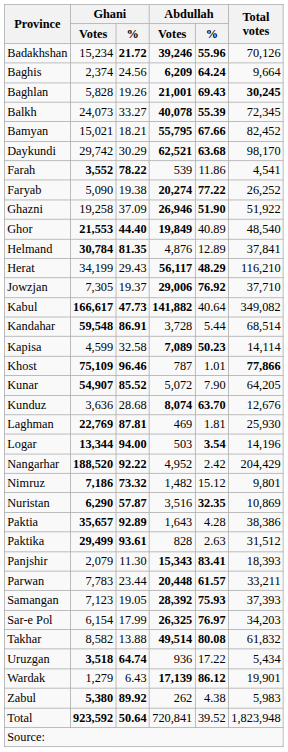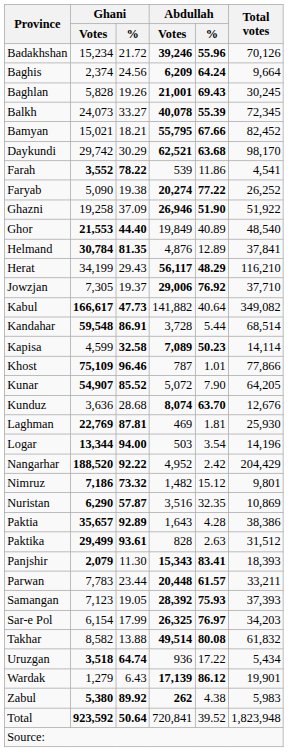 <table class="wikitable sortable" style=text-align:right>
 <tr>
 <th rowspan=2>Province</th>
 <th colspan=2>Ghani</th>
 <th colspan=2>Abdullah</th>
 <th rowspan=2>Total<br>votes</th>
 </tr>
 <tr>
 <th>Votes</th>
 <th>%</th>
 <th>Votes</th>
 <th>%</th>
 </tr>
 <tr>
 <td align=left>Badakhshan</td>
 <td>15,234</td>
-<td><strong>21.72</strong></td>
+<td>21.72</td>
 <td><strong>39,246</strong></td>
 <td><strong>55.96</strong></td>
 <td>70,126</td>
 </tr>
 <tr>
 <td align=left>Baghis</td>
 <td>2,374</td>
 <td>24.56</td>
 <td><strong>6,209</strong></td>
 <td><strong>64.24</strong></td>
 <td>9,664</td>
 </tr>
 <tr>
 <td align=left>Baghlan</td>
 <td>5,828</td>
 <td>19.26</td>
 <td><strong>21,001</strong></td>
 <td><strong>69.43</strong></td>
-<td><strong>30,245</strong></td>
+<td>30,245</td>
 </tr>
 <tr>
 <td align=left>Balkh</td>
 <td>24,073</td>
 <td>33.27</td>
 <td><strong>40,078</strong></td>
 <td><strong>55.39</strong></td>
 <td>72,345</td>
 </tr>
 <tr>
 <td align=left>Bamyan</td>
 <td>15,021</td>
 <td>18.21</td>
 <td><strong>55,795</strong></td>
 <td><strong>67.66</strong></td>
 <td>82,452</td>
 </tr>
 <tr>
 <td align=left>Daykundi</td>
 <td>29,742</td>
 <td>30.29</td>
 <td><strong>62,521</strong></td>
 <td><strong>63.68</strong></td>
 <td>98,170</td>
 </tr>
 <tr>
 <td align=left>Farah</td>
 <td><strong>3,552</strong></td>
 <td><strong>78.22</strong></td>
 <td>539</td>
 <td>11.86</td>
 <td>4,541</td>
 </tr>
 <tr>
 <td align=left>Faryab</td>
 <td>5,090</td>
 <td>19.38</td>
 <td><strong>20,274</strong></td>
 <td><strong>77.22</strong></td>
 <td>26,252</td>
 </tr>
 <tr>
 <td align=left>Ghazni</td>
 <td>19,258</td>
 <td>37.09</td>
 <td><strong>26,946</strong></td>
 <td><strong>51.90</strong></td>
 <td>51,922</td>
 </tr>
 <tr>
 <td align=left>Ghor</td>
 <td><strong>21,553</strong></td>
 <td><strong>44.40</strong></td>
-<td><strong>19,849</strong></td>
+<td>19,849</td>
 <td>40.89</td>
 <td>48,540</td>
 </tr>
 <tr>
 <td align=left>Helmand</td>
 <td><strong>30,784</strong></td>
 <td><strong>81.35</strong></td>
 <td>4,876</td>
 <td>12.89</td>
 <td>37,841</td>
 </tr>
 <tr>
 <td align=left>Herat</td>
 <td>34,199</td>
 <td>29.43</td>
 <td><strong>56,117</strong></td>
 <td><strong>48.29</strong></td>
 <td>116,210</td>
 </tr>
 <tr>
 <td align=left>Jowzjan</td>
 <td>7,305</td>
 <td>19.37</td>
 <td><strong>29,006</strong></td>
 <td><strong>76.92</strong></td>
 <td>37,710</td>
 </tr>
 <tr>
 <td align=left>Kabul</td>
 <td><strong>166,617</strong></td>
 <td><strong>47.73</strong></td>
-<td><strong>141,882</strong></td>
+<td>141,882</td>
 <td>40.64</td>
 <td>349,082</td>
 </tr>
 <tr>
 <td align=left>Kandahar</td>
 <td><strong>59,548</strong></td>
 <td><strong>86.91</strong></td>
 <td>3,728</td>
 <td>5.44</td>
 <td>68,514</td>
 </tr>
 <tr>
 <td align=left>Kapisa</td>
 <td>4,599</td>
-<td>32.58</td>
+<td><strong>32.58</strong></td>
 <td><strong>7,089</strong></td>
 <td><strong>50.23</strong></td>
 <td>14,114</td>
 </tr>
 <tr>
 <td align=left>Khost</td>
 <td><strong>75,109</strong></td>
 <td><strong>96.46</strong></td>
 <td>787</td>
 <td>1.01</td>
-<td><strong>77,866</strong></td>
+<td>77,866</td>
 </tr>
 <tr>
 <td align=left>Kunar</td>
 <td><strong>54,907</strong></td>
 <td><strong>85.52</strong></td>
 <td>5,072</td>
 <td>7.90</td>
 <td>64,205</td>
 </tr>
 <tr>
 <td align=left>Kunduz</td>
 <td>3,636</td>
 <td>28.68</td>
 <td><strong>8,074</strong></td>
 <td><strong>63.70</strong></td>
 <td>12,676</td>
 </tr>
 <tr>
 <td align=left>Laghman</td>
 <td><strong>22,769</strong></td>
 <td><strong>87.81</strong></td>
 <td>469</td>
 <td>1.81</td>
 <td>25,930</td>
 </tr>
 <tr>
 <td align=left>Logar</td>
 <td><strong>13,344</strong></td>
 <td><strong>94.00</strong></td>
 <td>503</td>
-<td><strong>3.54</strong></td>
+<td>3.54</td>
 <td>14,196</td>
 </tr>
 <tr>
 <td align=left>Nangarhar</td>
 <td><strong>188,520</strong></td>
 <td><strong>92.22</strong></td>
 <td>4,952</td>
 <td>2.42</td>
 <td>204,429</td>
 </tr>
 <tr>
 <td align=left>Nimruz</td>
 <td><strong>7,186</strong></td>
 <td><strong>73.32</strong></td>
 <td>1,482</td>
 <td>15.12</td>
 <td>9,801</td>
 </tr>
 <tr>
 <td align=left>Nuristan</td>
 <td><strong>6,290</strong></td>
 <td><strong>57.87</strong></td>
 <td>3,516</td>
-<td><strong>32.35</strong></td>
+<td>32.35</td>
 <td>10,869</td>
 </tr>
 <tr>
 <td align=left>Paktia</td>
 <td><strong>35,657</strong></td>
 <td><strong>92.89</strong></td>
 <td>1,643</td>
 <td>4.28</td>
 <td>38,386</td>
 </tr>
 <tr>
 <td align=left>Paktika</td>
 <td><strong>29,499</strong></td>
 <td><strong>93.61</strong></td>
 <td>828</td>
 <td>2.63</td>
 <td>31,512</td>
 </tr>
 <tr>
 <td align=left>Panjshir</td>
-<td>2,079</td>
+<td><strong>2,079</strong></td>
 <td>11.30</td>
 <td><strong>15,343</strong></td>
 <td><strong>83.41</strong></td>
 <td>18,393</td>
 </tr>
 <tr>
 <td align=left>Parwan</td>
 <td>7,783</td>
 <td>23.44</td>
 <td><strong>20,448</strong></td>
 <td><strong>61.57</strong></td>
 <td>33,211</td>
 </tr>
 <tr>
 <td align=left>Samangan</td>
 <td>7,123</td>
 <td>19.05</td>
 <td><strong>28,392</strong></td>
 <td><strong>75.93</strong></td>
 <td>37,393</td>
 </tr>
 <tr>
 <td align=left>Sar-e Pol</td>
 <td>6,154</td>
 <td>17.99</td>
 <td><strong>26,325</strong></td>
 <td><strong>76.97</strong></td>
 <td>34,203</td>
 </tr>
 <tr>
 <td align=left>Takhar</td>
 <td>8,582</td>
 <td>13.88</td>
 <td><strong>49,514</strong></td>
 <td><strong>80.08</strong></td>
 <td>61,832</td>
 </tr>
 <tr>
 <td align=left>Uruzgan</td>
 <td><strong>3,518</strong></td>
 <td><strong>64.74</strong></td>
 <td>936</td>
 <td>17.22</td>
 <td>5,434</td>
 </tr>
 <tr>
 <td align=left>Wardak</td>
 <td>1,279</td>
 <td>6.43</td>
 <td><strong>17,139</strong></td>
 <td><strong>86.12</strong></td>
 <td>19,901</td>
 </tr>
 <tr>
 <td align=left>Zabul</td>
 <td><strong>5,380</strong></td>
 <td><strong>89.92</strong></td>
-<td>262</td>
+<td><strong>262</strong></td>
 <td>4.38</td>
 <td>5,983</td>
 </tr>
 <tr class=sortbottom>
 <td align=left>Total</td>
 <td><strong>923,592</strong></td>
 <td><strong>50.64</strong></td>
 <td>720,841</td>
 <td>39.52</td>
 <td>1,823,948</td>
 </tr>
 <tr class=sortbottom>
 <td colspan=6 align=left>Source: </td>
 </tr>
 </table>
